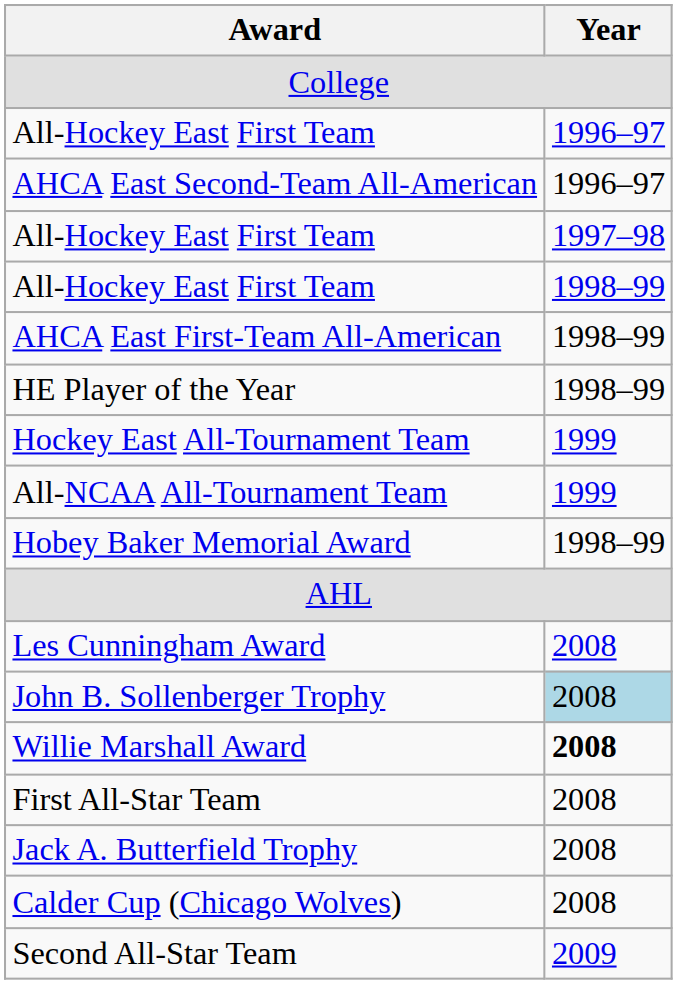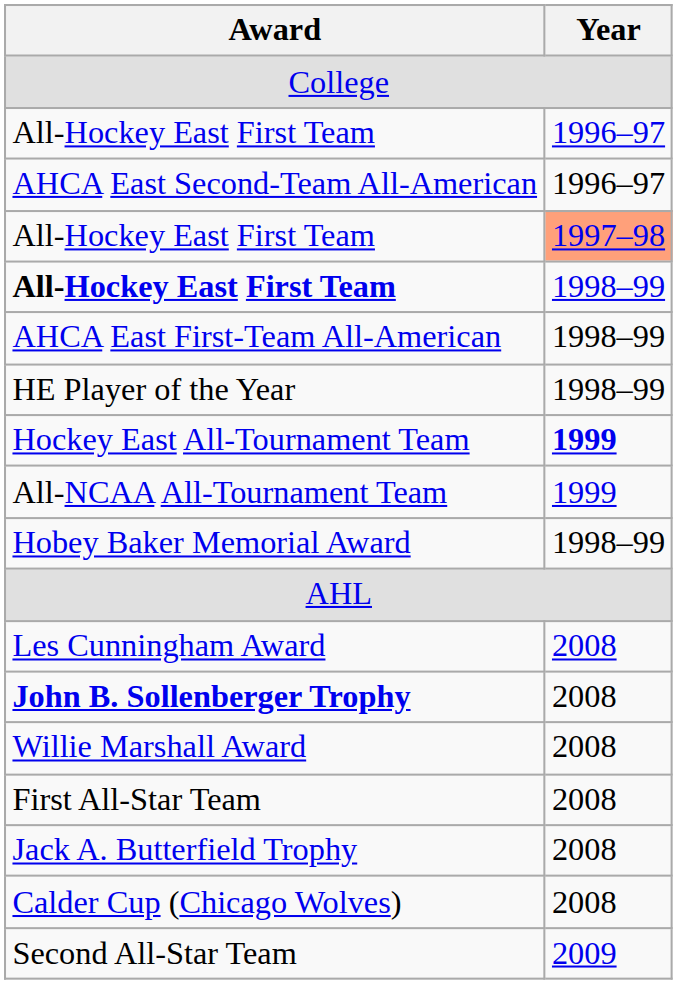 <table class="wikitable">
 <tr>
 <th>Award</th>
 <th>Year</th>
 </tr>
 <tr ALIGN="center" bgcolor="#e0e0e0">
 <td colspan="3"><a href='#'>College</a></td>
 </tr>
 <tr>
 <td>All-<a href='#'>Hockey East</a> <a href='#'>First Team</a></td>
 <td><a href='#'>1996–97</a></td>
 </tr>
 <tr>
 <td><a href='#'>AHCA</a> <a href='#'>East Second-Team All-American</a></td>
 <td 1996–97 NCAA Division I men's ice hockey season>1996–97</td>
 </tr>
 <tr>
 <td>All-<a href='#'>Hockey East</a> <a href='#'>First Team</a></td>
-<td><a href='#'>1997–98</a></td>
+<td style="background: lightsalmon;"><a href='#'>1997–98</a></td>
 </tr>
 <tr>
-<td>All-<a href='#'>Hockey East</a> <a href='#'>First Team</a></td>
+<td><strong>All-<a href='#'>Hockey East</a> <a href='#'>First Team</a></strong></td>
 <td><a href='#'>1998–99</a></td>
 </tr>
 <tr>
 <td><a href='#'>AHCA</a> <a href='#'>East First-Team All-American</a></td>
 <td 1998–99 NCAA Division I men's ice hockey season>1998–99</td>
 </tr>
 <tr>
 <td>HE Player of the Year</td>
 <td>1998–99</td>
 </tr>
 <tr>
 <td><a href='#'>Hockey East</a> <a href='#'>All-Tournament Team</a></td>
-<td><a href='#'>1999</a></td>
+<td><strong><a href='#'>1999</a></strong></td>
 </tr>
 <tr>
 <td>All-<a href='#'>NCAA</a> <a href='#'>All-Tournament Team</a></td>
 <td><a href='#'>1999</a></td>
 </tr>
 <tr>
 <td><a href='#'>Hobey Baker Memorial Award</a></td>
 <td>1998–99</td>
 </tr>
 <tr ALIGN="center" bgcolor="#e0e0e0">
 <td colspan="3"><a href='#'>AHL</a></td>
 </tr>
 <tr>
 <td><a href='#'>Les Cunningham Award</a></td>
 <td><a href='#'>2008</a></td>
 </tr>
 <tr>
-<td><a href='#'>John B. Sollenberger Trophy</a></td>
-<td style="background: lightblue;">2008</td>
+<td><strong><a href='#'>John B. Sollenberger Trophy</a></strong></td>
+<td>2008</td>
 </tr>
 <tr>
 <td><a href='#'>Willie Marshall Award</a></td>
-<td><strong>2008</strong></td>
+<td>2008</td>
 </tr>
 <tr>
 <td>First All-Star Team</td>
 <td>2008</td>
 </tr>
 <tr>
 <td><a href='#'>Jack A. Butterfield Trophy</a></td>
 <td>2008</td>
 </tr>
 <tr>
 <td><a href='#'>Calder Cup</a> (<a href='#'>Chicago Wolves</a>)</td>
 <td>2008</td>
 </tr>
 <tr>
 <td>Second All-Star Team</td>
 <td><a href='#'>2009</a></td>
 </tr>
 </table>
